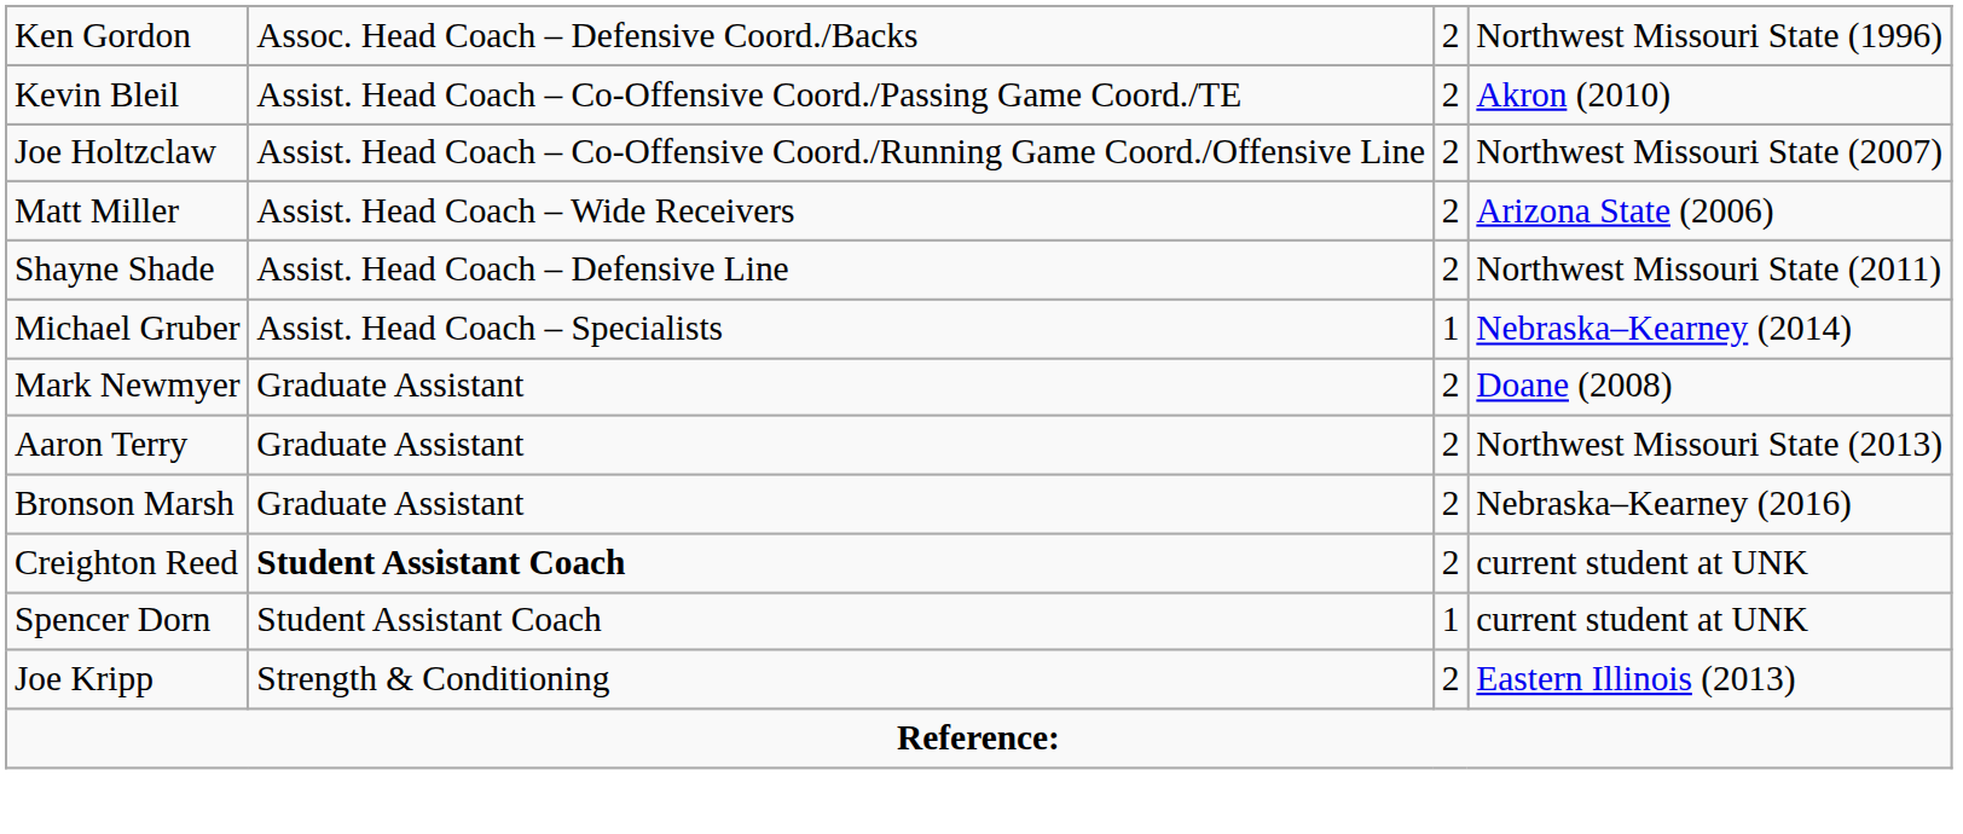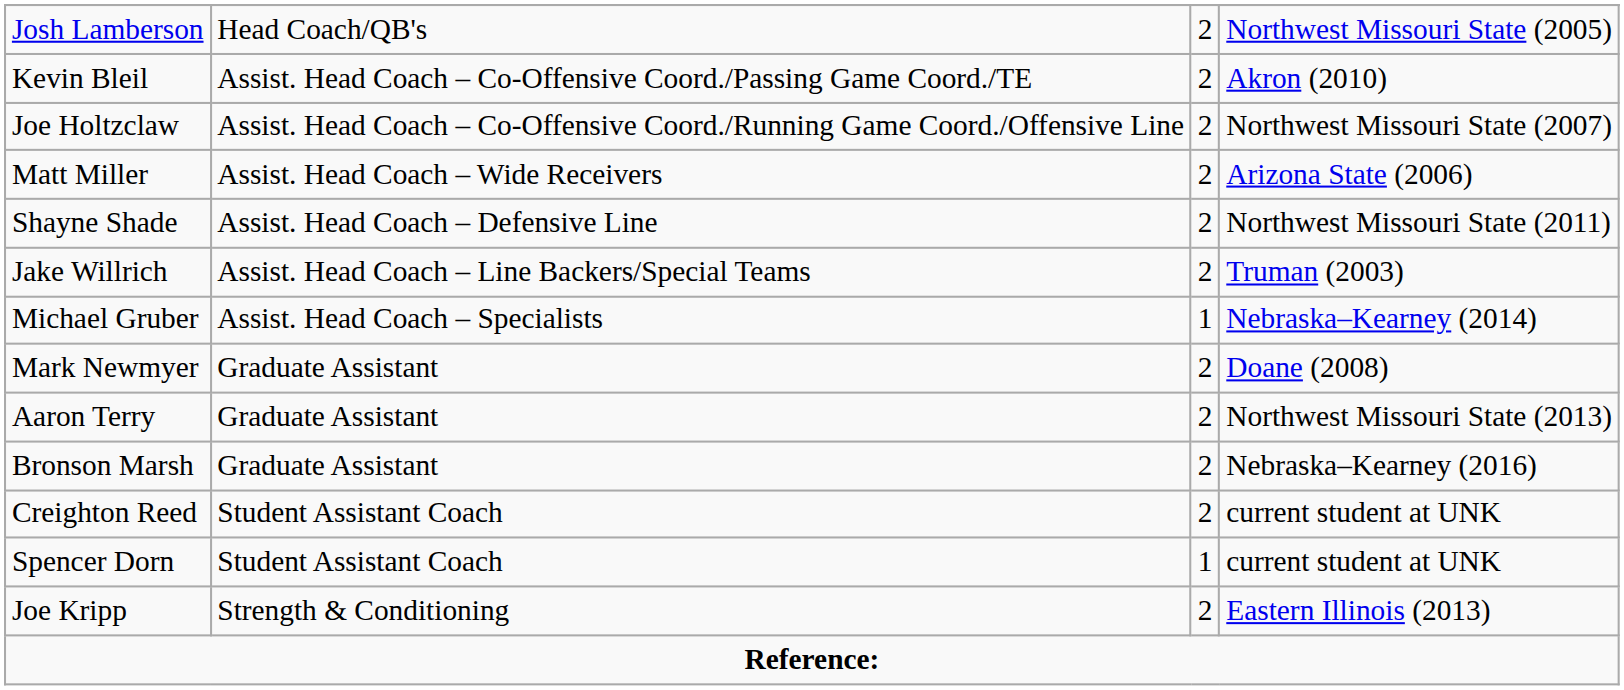 <table class="wikitable" border="1" style="font-size:90%;">
 <tr>
 </tr>
 <tr>
-<td>Ken Gordon</td>
-<td>Assoc. Head Coach – Defensive Coord./Backs</td>
+<td><a href='#'>Josh Lamberson</a></td>
+<td>Head Coach/QB's</td>
 <td align=center>2</td>
-<td>Northwest Missouri State (1996)</td>
+<td><a href='#'>Northwest Missouri State</a> (2005)</td>
 </tr>
 <tr>
 <td>Kevin Bleil</td>
 <td>Assist. Head Coach – Co-Offensive Coord./Passing Game Coord./TE</td>
 <td align=center>2</td>
 <td><a href='#'>Akron</a> (2010)</td>
 </tr>
 <tr>
 <td>Joe Holtzclaw</td>
 <td>Assist. Head Coach – Co-Offensive Coord./Running Game Coord./Offensive Line</td>
 <td align=center>2</td>
 <td>Northwest Missouri State (2007)</td>
 </tr>
 <tr>
 <td>Matt Miller</td>
 <td>Assist. Head Coach – Wide Receivers</td>
 <td align=center>2</td>
 <td><a href='#'>Arizona State</a> (2006)</td>
 </tr>
 <tr>
 <td>Shayne Shade</td>
 <td>Assist. Head Coach – Defensive Line</td>
 <td align=center>2</td>
 <td>Northwest Missouri State (2011)</td>
+</tr>
+<tr>
+<td>Jake Willrich</td>
+<td>Assist. Head Coach – Line Backers/Special Teams</td>
+<td align=center>2</td>
+<td><a href='#'>Truman</a> (2003)</td>
 </tr>
 <tr>
 <td>Michael Gruber</td>
 <td>Assist. Head Coach – Specialists</td>
 <td align=center>1</td>
 <td><a href='#'>Nebraska–Kearney</a> (2014)</td>
 </tr>
 <tr>
 <td>Mark Newmyer</td>
 <td>Graduate Assistant</td>
 <td align=center>2</td>
 <td><a href='#'>Doane</a> (2008)</td>
 </tr>
 <tr>
 <td>Aaron Terry</td>
 <td>Graduate Assistant</td>
 <td align=center>2</td>
 <td>Northwest Missouri State (2013)</td>
 </tr>
 <tr>
 <td>Bronson Marsh</td>
 <td>Graduate Assistant</td>
 <td align=center>2</td>
 <td>Nebraska–Kearney (2016)</td>
 </tr>
 <tr>
 <td>Creighton Reed</td>
-<td><strong>Student Assistant Coach</strong></td>
+<td>Student Assistant Coach</td>
 <td align=center>2</td>
 <td>current student at UNK</td>
 </tr>
 <tr>
 <td>Spencer Dorn</td>
 <td>Student Assistant Coach</td>
 <td align=center>1</td>
 <td>current student at UNK</td>
 </tr>
 <tr>
 <td>Joe Kripp</td>
 <td>Strength & Conditioning</td>
 <td align=center>2</td>
 <td><a href='#'>Eastern Illinois</a> (2013)</td>
 </tr>
 <tr align="center">
 <td colspan=4><strong>Reference:</strong></td>
 </tr>
 </table>
